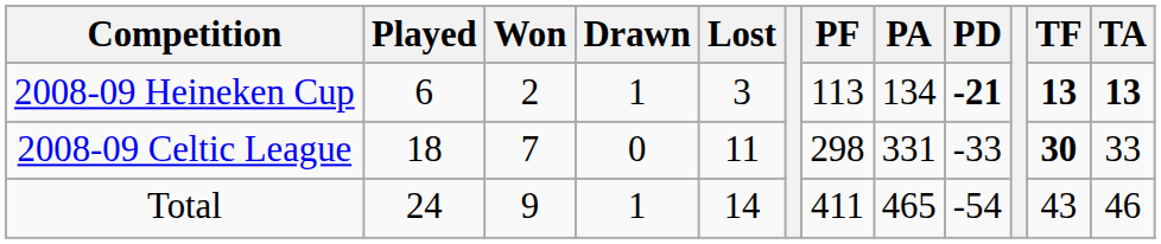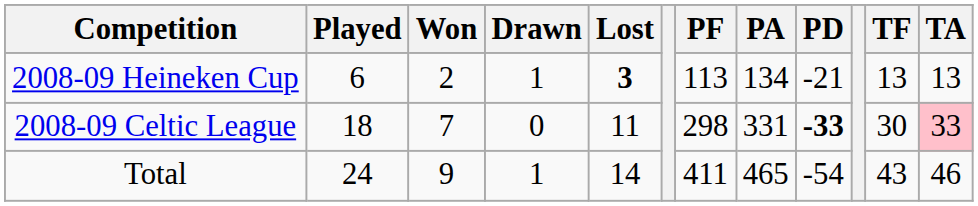 <table class="wikitable">
 <tr>
 <th>Competition</th>
 <th>Played</th>
 <th>Won</th>
 <th>Drawn</th>
 <th>Lost</th>
 <th rowspan="4"></th>
 <th>PF</th>
 <th>PA</th>
 <th>PD</th>
 <th rowspan="4"></th>
 <th>TF</th>
 <th>TA</th>
 </tr>
 <tr align=center>
 <td><a href='#'>2008-09 Heineken Cup</a></td>
 <td>6</td>
 <td>2</td>
 <td>1</td>
-<td>3</td>
+<td><strong>3</strong></td>
 <td>113</td>
 <td>134</td>
-<td><strong>-21</strong></td>
-<td><strong>13</strong></td>
-<td><strong>13</strong></td>
+<td>-21</td>
+<td>13</td>
+<td>13</td>
 </tr>
 <tr align=center>
 <td><a href='#'>2008-09 Celtic League</a></td>
 <td>18</td>
 <td>7</td>
 <td>0</td>
 <td>11</td>
 <td>298</td>
 <td>331</td>
-<td>-33</td>
-<td><strong>30</strong></td>
-<td>33</td>
+<td><strong>-33</strong></td>
+<td>30</td>
+<td style="background: pink;">33</td>
 </tr>
 <tr align=center>
 <td>Total</td>
 <td>24</td>
 <td>9</td>
 <td>1</td>
 <td>14</td>
 <td>411</td>
 <td>465</td>
 <td>-54</td>
 <td>43</td>
 <td>46</td>
 </tr>
 </table>
